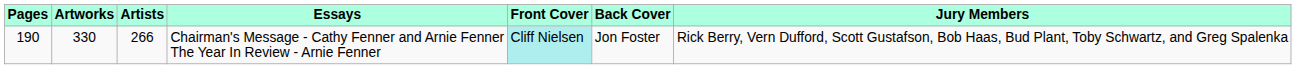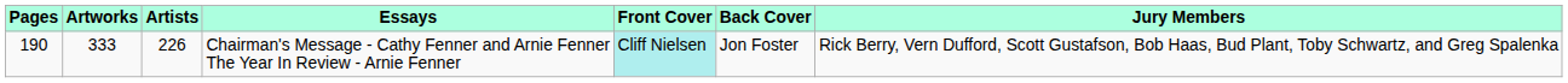 <table class="wikitable">
 <tr>
 <th style="background:#acffdf">Pages</th>
 <th style="background:#acffdf">Artworks</th>
 <th style="background:#acffdf">Artists</th>
 <th style="background:#acffdf">Essays</th>
 <th style="background:#acffdf">Front Cover</th>
 <th style="background:#acffdf">Back Cover</th>
 <th style="background:#acffdf">Jury Members</th>
 </tr>
 <tr valign="top">
 <td align="center">190</td>
-<td align="center">330</td>
-<td align="center">266</td>
+<td align="center">333</td>
+<td align="center">226</td>
 <td>Chairman's Message - Cathy Fenner and Arnie Fenner<br>The Year In Review - Arnie Fenner</td>
 <td style="background: paleturquoise;">Cliff Nielsen</td>
 <td>Jon Foster</td>
 <td>Rick Berry, Vern Dufford, Scott Gustafson, Bob Haas, Bud Plant, Toby Schwartz, and Greg Spalenka</td>
 </tr>
 </table>
